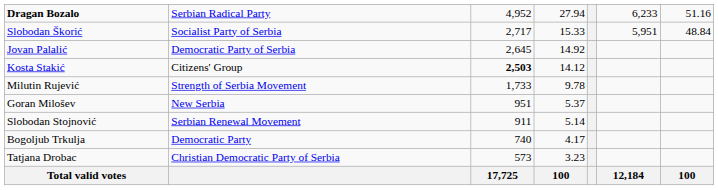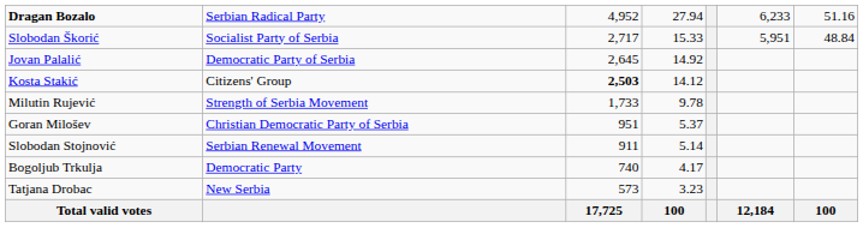 <table style="width:1000px;" class="wikitable">
 <tr>
 <td align="left"><strong>Dragan Bozalo</strong></td>
 <td align="left"><a href='#'>Serbian Radical Party</a></td>
 <td align="right">4,952</td>
 <td align="right">27.94</td>
 <th align="left"></th>
 <td align="right">6,233</td>
 <td align="right">51.16</td>
 </tr>
 <tr>
 <td align="left"><a href='#'>Slobodan Škorić</a></td>
 <td align="left"><a href='#'>Socialist Party of Serbia</a></td>
 <td align="right">2,717</td>
 <td align="right">15.33</td>
 <th align="left"></th>
 <td align="right">5,951</td>
 <td align="right">48.84</td>
 </tr>
 <tr>
 <td align="left"><a href='#'>Jovan Palalić</a></td>
 <td align="left"><a href='#'>Democratic Party of Serbia</a></td>
 <td align="right">2,645</td>
 <td align="right">14.92</td>
 <th align="left"></th>
 <td align="right"></td>
 <td align="right"></td>
 </tr>
 <tr>
 <td align="left"><a href='#'>Kosta Stakić</a></td>
 <td align="left">Citizens' Group</td>
 <td align="right"><strong>2,503</strong></td>
 <td align="right">14.12</td>
 <th align="left"></th>
 <td align="right"></td>
 <td align="right"></td>
 </tr>
 <tr>
 <td align="left">Milutin Rujević</td>
 <td align="left"><a href='#'>Strength of Serbia Movement</a></td>
 <td align="right">1,733</td>
 <td align="right">9.78</td>
 <th align="left"></th>
 <td align="right"></td>
 <td align="right"></td>
 </tr>
 <tr>
 <td align="left">Goran Milošev</td>
-<td align="left"><a href='#'>New Serbia</a></td>
+<td align="left"><a href='#'>Christian Democratic Party of Serbia</a></td>
 <td align="right">951</td>
 <td align="right">5.37</td>
 <th align="left"></th>
 <td align="right"></td>
 <td align="right"></td>
 </tr>
 <tr>
 <td align="left">Slobodan Stojnović</td>
 <td align="left"><a href='#'>Serbian Renewal Movement</a></td>
 <td align="right">911</td>
 <td align="right">5.14</td>
 <th align="left"></th>
 <td align="right"></td>
 <td align="right"></td>
 </tr>
 <tr>
 <td align="left">Bogoljub Trkulja</td>
 <td align="left"><a href='#'>Democratic Party</a></td>
 <td align="right">740</td>
 <td align="right">4.17</td>
 <th align="left"></th>
 <td align="right"></td>
 <td align="right"></td>
 </tr>
 <tr>
 <td align="left">Tatjana Drobac</td>
-<td align="left"><a href='#'>Christian Democratic Party of Serbia</a></td>
+<td align="left"><a href='#'>New Serbia</a></td>
 <td align="right">573</td>
 <td align="right">3.23</td>
 <th align="left"></th>
 <td align="right"></td>
 <td align="right"></td>
 </tr>
 <tr>
 <th align="left">Total valid votes</th>
 <th align="left"></th>
 <th align="right">17,725</th>
 <th align="right">100</th>
 <th align="left"></th>
 <th align="right">12,184</th>
 <th align="right">100</th>
 </tr>
 </table>
